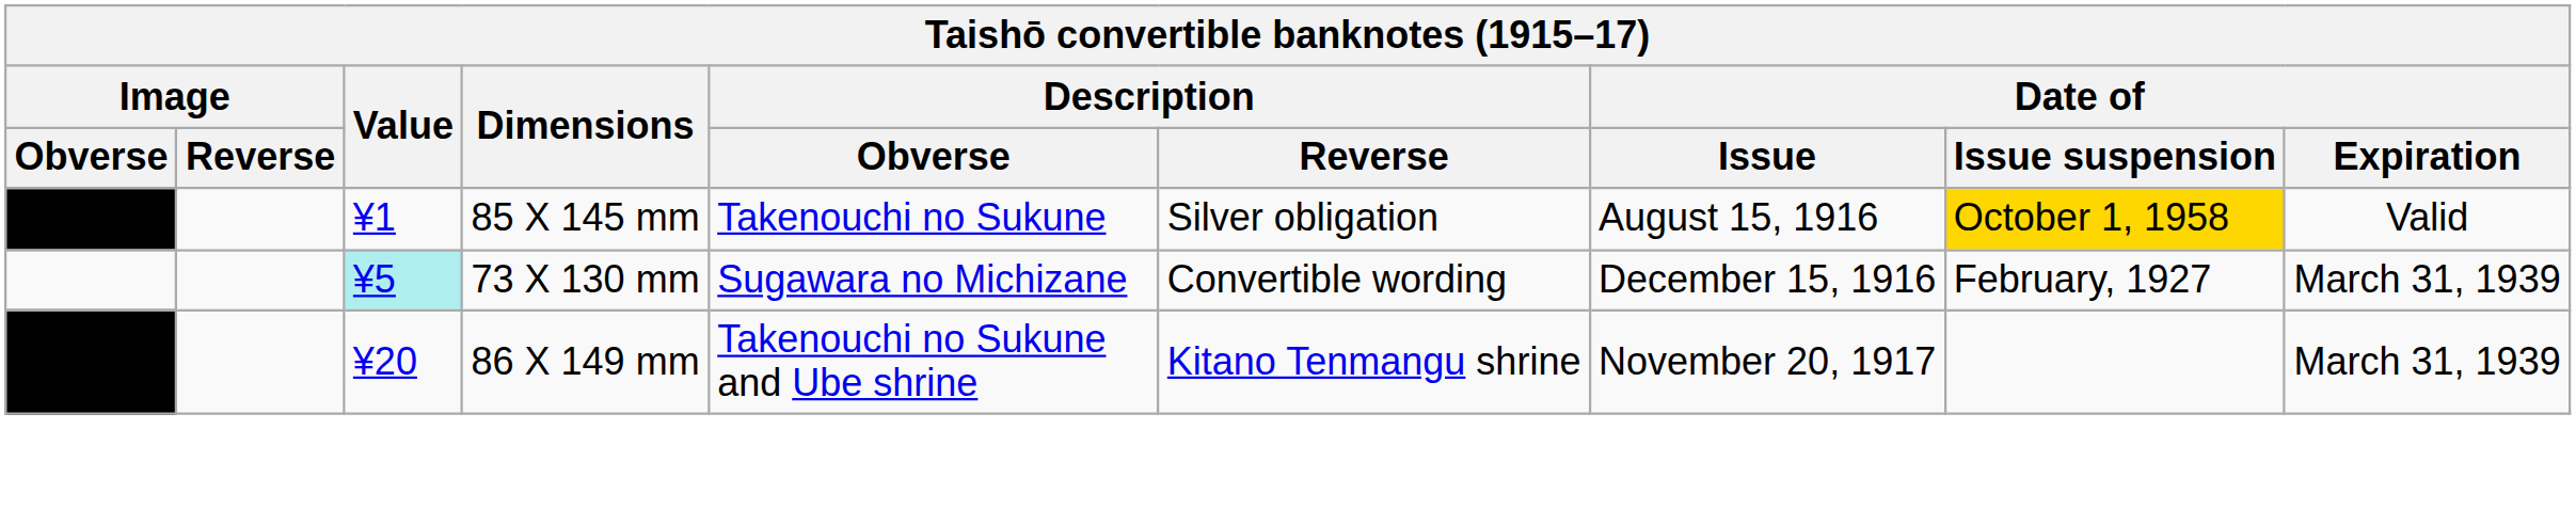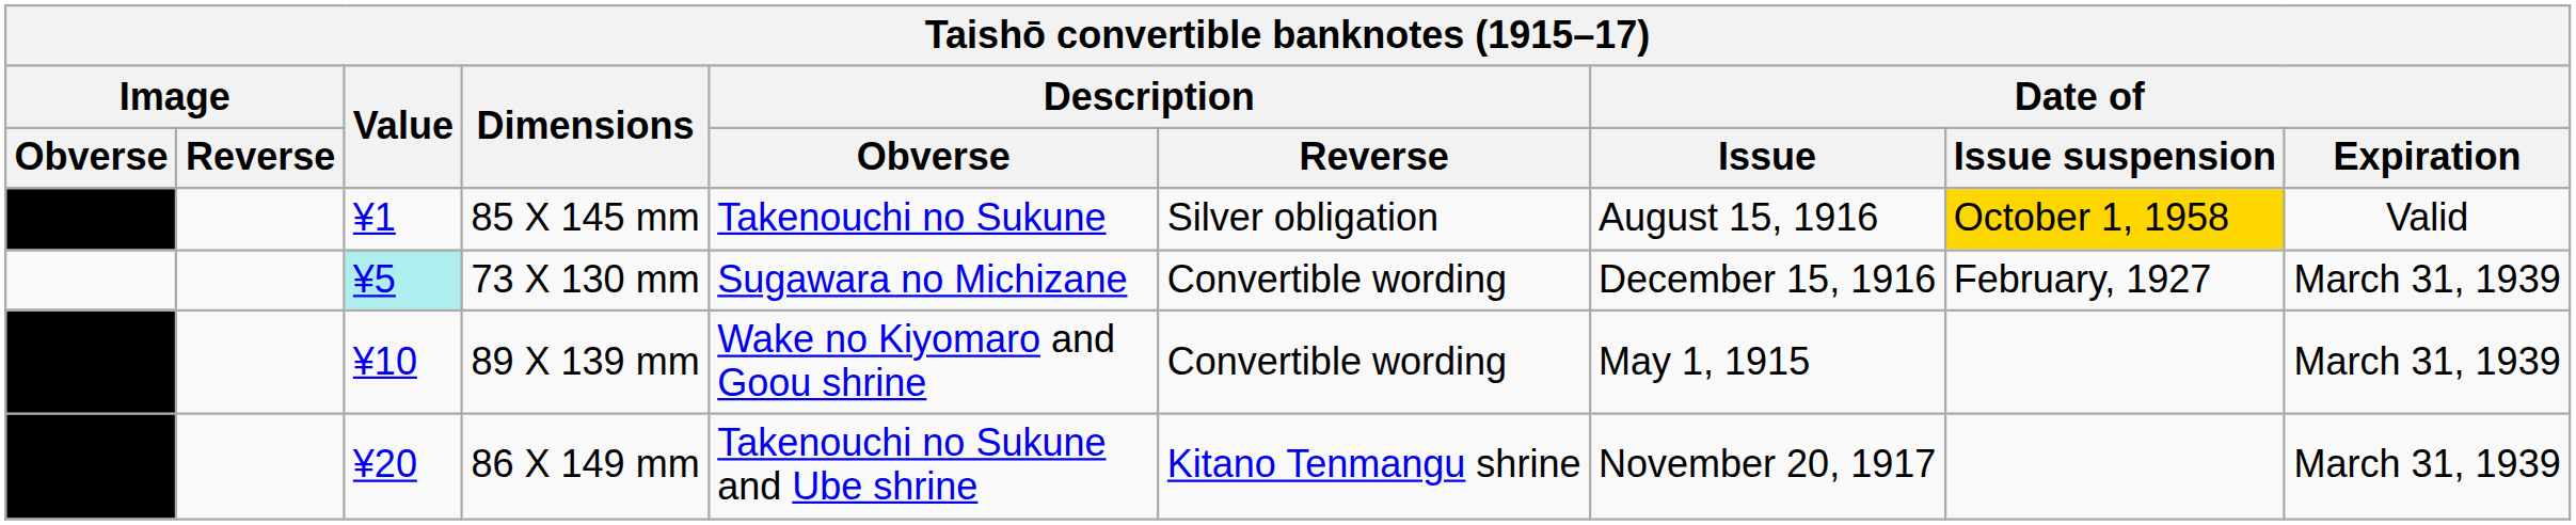 <table class="wikitable">
 <tr>
 <th colspan="9">Taishō convertible banknotes (1915–17)</th>
 </tr>
 <tr>
 <th colspan="2">Image</th>
 <th rowspan="2">Value</th>
 <th rowspan="2">Dimensions</th>
 <th colspan="2">Description</th>
 <th colspan="3">Date of</th>
 </tr>
 <tr>
 <th>Obverse</th>
 <th>Reverse</th>
 <th width=180>Obverse</th>
 <th>Reverse</th>
 <th>Issue</th>
 <th>Issue suspension</th>
 <th>Expiration</th>
 </tr>
 <tr>
 <td style="text-align:center; background:#000;"></td>
 <td></td>
 <td><a href='#'>¥1</a></td>
 <td>85 X 145 mm</td>
 <td><a href='#'>Takenouchi no Sukune</a></td>
 <td>Silver obligation</td>
 <td>August 15, 1916</td>
 <td style="background: gold;">October 1, 1958</td>
 <td align="center">Valid</td>
 </tr>
 <tr>
 <td></td>
 <td></td>
 <td style="background: paleturquoise;"><a href='#'>¥5</a></td>
 <td>73 X 130 mm</td>
 <td><a href='#'>Sugawara no Michizane</a></td>
 <td>Convertible wording</td>
 <td>December 15, 1916</td>
 <td>February, 1927</td>
 <td>March 31, 1939</td>
 </tr>
 <tr>
 <td style="text-align:center; background:#000;"></td>
 <td></td>
+<td><a href='#'>¥10</a></td>
+<td>89 X 139 mm</td>
+<td><a href='#'>Wake no Kiyomaro</a> and <a href='#'>Goou shrine</a></td>
+<td>Convertible wording</td>
+<td>May 1, 1915</td>
+<td></td>
+<td>March 31, 1939</td>
+</tr>
+<tr>
+<td style="text-align:center; background:#000;"></td>
+<td></td>
 <td><a href='#'>¥20</a></td>
 <td>86 X 149 mm</td>
 <td><a href='#'>Takenouchi no Sukune</a> and <a href='#'>Ube shrine</a></td>
 <td><a href='#'>Kitano Tenmangu</a> shrine</td>
 <td>November 20, 1917</td>
 <td></td>
 <td>March 31, 1939</td>
 </tr>
 </table>
